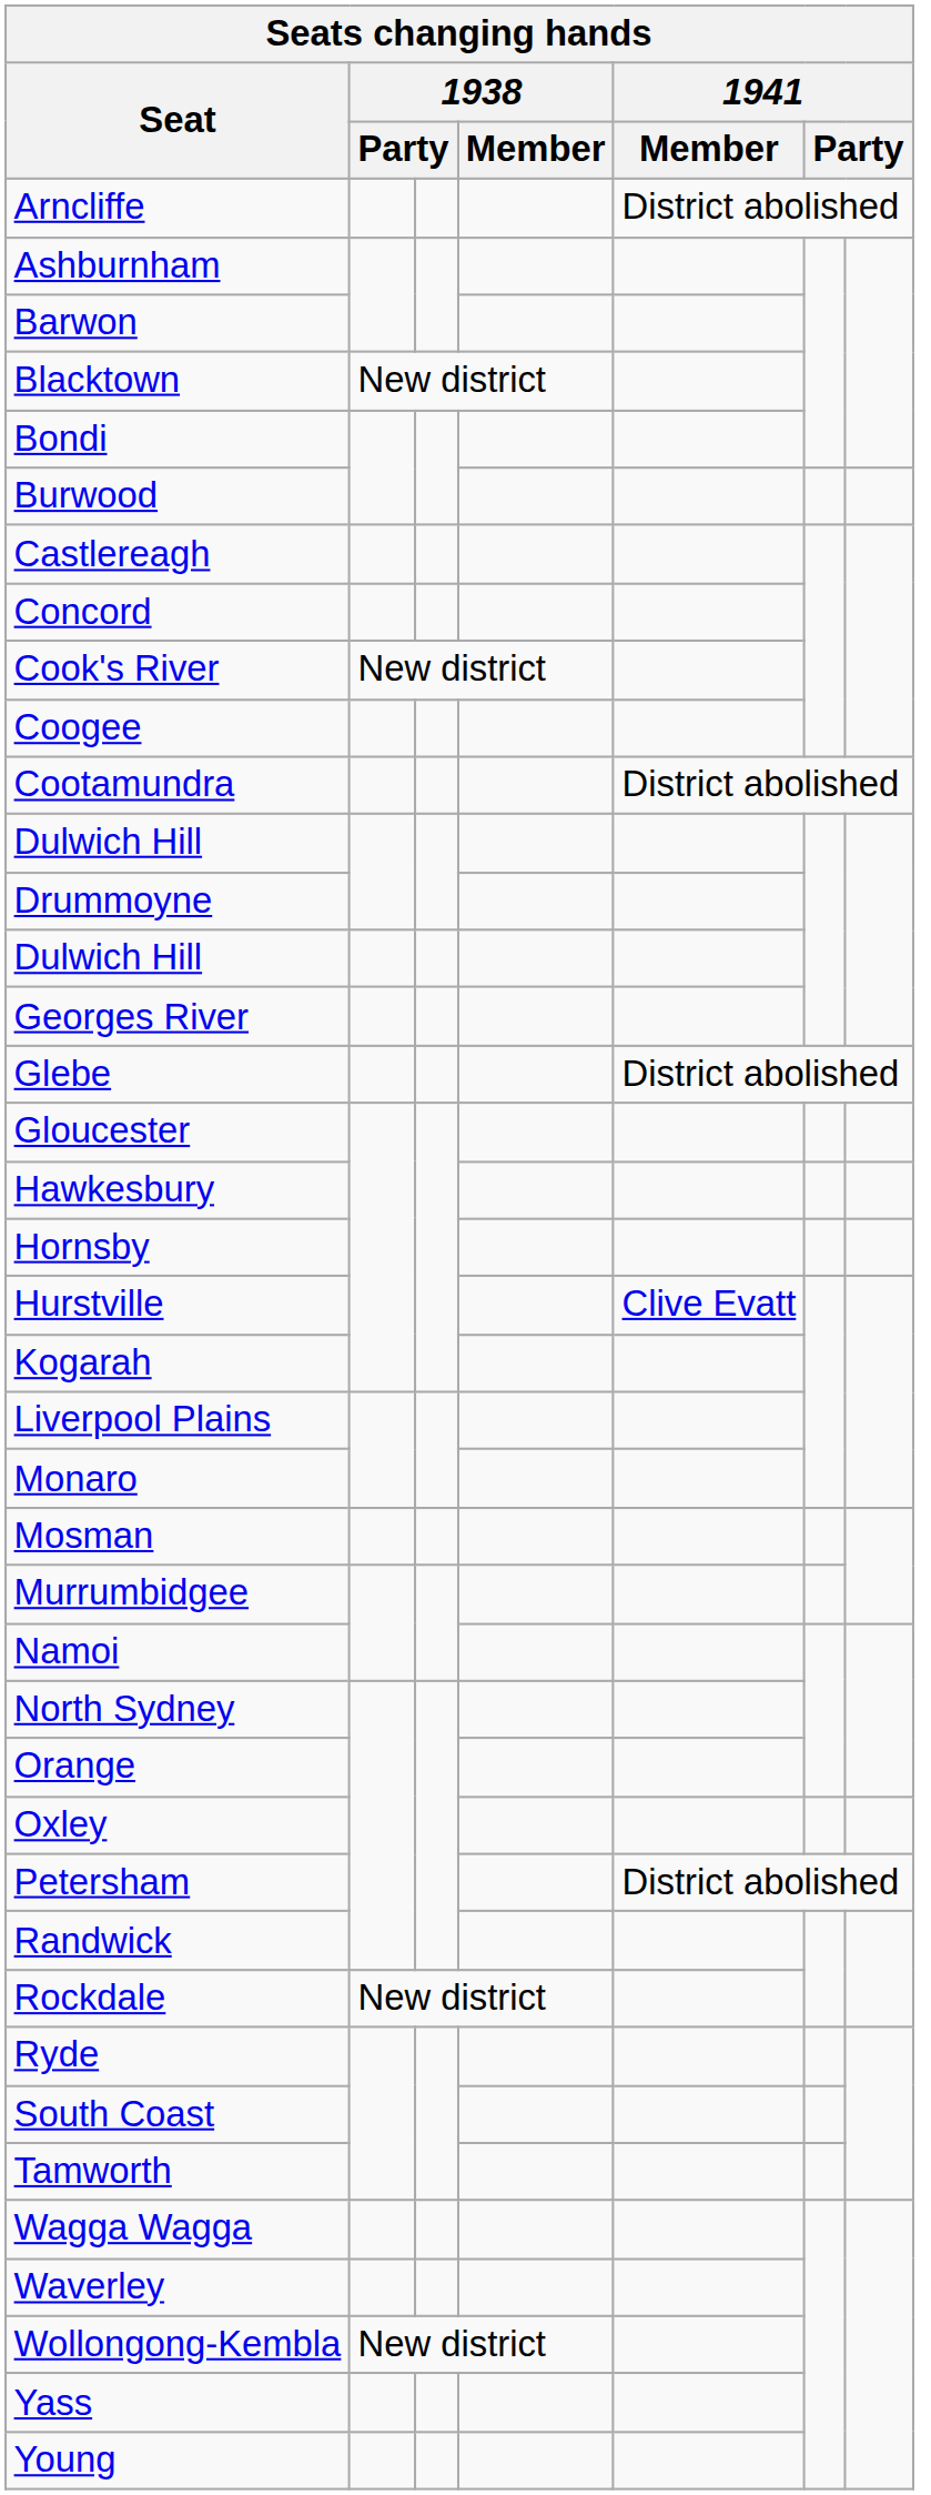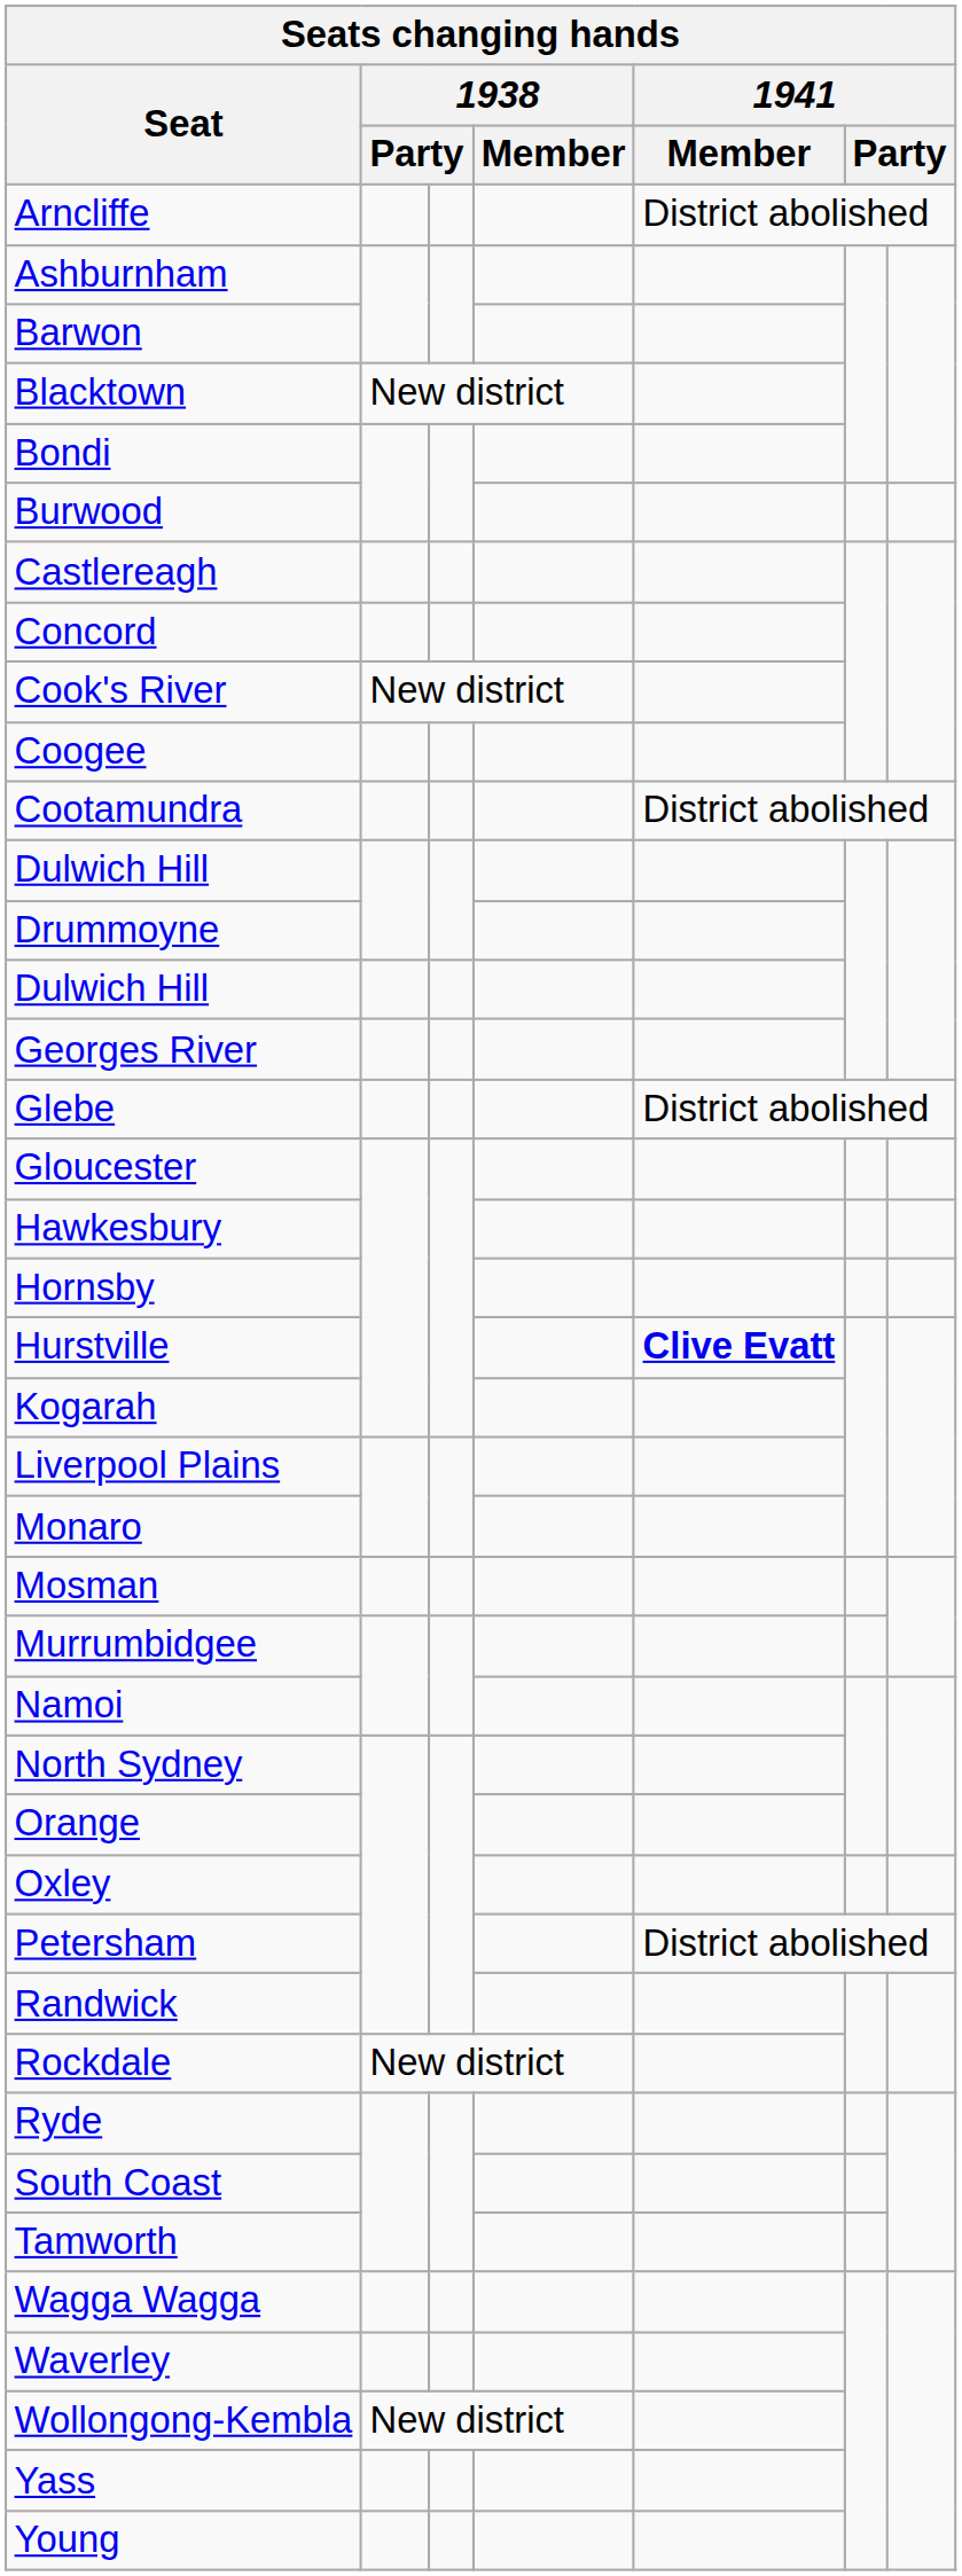 <table class="wikitable sortable">
 <tr>
 <th colspan="7">Seats changing hands</th>
 </tr>
 <tr>
 <th rowspan="2">Seat</th>
 <th colspan="3"><em>1938</em></th>
 <th colspan="3"><em>1941</em></th>
 </tr>
 <tr>
 <th colspan="2">Party</th>
 <th>Member</th>
 <th>Member</th>
 <th colspan="2">Party</th>
 </tr>
 <tr>
 <td><a href='#'>Arncliffe</a></td>
 <td> </td>
 <td></td>
 <td></td>
 <td colspan="3">District abolished</td>
 </tr>
 <tr>
 <td><a href='#'>Ashburnham</a></td>
 <td rowspan="2" > </td>
 <td rowspan="2"></td>
 <td></td>
 <td></td>
 <td rowspan="4"></td>
 <td rowspan="4" > </td>
 </tr>
 <tr>
 <td><a href='#'>Barwon</a></td>
 <td></td>
 <td></td>
 </tr>
 <tr>
 <td><a href='#'>Blacktown</a></td>
 <td colspan="3">New district</td>
 <td></td>
 </tr>
 <tr>
 <td><a href='#'>Bondi</a></td>
 <td rowspan="2" > </td>
 <td rowspan="2"></td>
 <td></td>
 <td></td>
 </tr>
 <tr>
 <td><a href='#'>Burwood</a></td>
 <td></td>
 <td></td>
 <td></td>
 <td> </td>
 </tr>
 <tr>
 <td><a href='#'>Castlereagh</a></td>
 <td> </td>
 <td></td>
 <td></td>
 <td></td>
 <td rowspan="4"></td>
 <td rowspan="4" > </td>
 </tr>
 <tr>
 <td><a href='#'>Concord</a></td>
 <td> </td>
 <td></td>
 <td></td>
 <td></td>
 </tr>
 <tr>
 <td><a href='#'>Cook's River</a></td>
 <td colspan="3">New district</td>
 <td></td>
 </tr>
 <tr>
 <td><a href='#'>Coogee</a></td>
 <td> </td>
 <td></td>
 <td></td>
 <td></td>
 </tr>
 <tr>
 <td><a href='#'>Cootamundra</a></td>
 <td> </td>
 <td></td>
 <td></td>
 <td colspan="3">District abolished</td>
 </tr>
 <tr>
 <td><a href='#'>Dulwich Hill</a></td>
 <td rowspan="2" > </td>
 <td rowspan="2"></td>
 <td></td>
 <td></td>
 <td rowspan="4"></td>
 <td rowspan="4" > </td>
 </tr>
 <tr>
 <td><a href='#'>Drummoyne</a></td>
 <td></td>
 <td></td>
 </tr>
 <tr>
 <td><a href='#'>Dulwich Hill</a></td>
 <td> </td>
 <td></td>
 <td></td>
 <td></td>
 </tr>
 <tr>
 <td><a href='#'>Georges River</a></td>
 <td> </td>
 <td></td>
 <td></td>
 <td></td>
 </tr>
 <tr>
 <td><a href='#'>Glebe</a></td>
 <td> </td>
 <td></td>
 <td></td>
 <td colspan="3">District abolished</td>
 </tr>
 <tr>
 <td><a href='#'>Gloucester</a></td>
 <td rowspan="5" > </td>
 <td rowspan="5"></td>
 <td></td>
 <td></td>
 <td></td>
 <td> </td>
 </tr>
 <tr>
 <td><a href='#'>Hawkesbury</a></td>
 <td></td>
 <td></td>
 <td></td>
 <td> </td>
 </tr>
 <tr>
 <td><a href='#'>Hornsby</a></td>
 <td></td>
 <td></td>
 <td></td>
 <td> </td>
 </tr>
 <tr>
 <td><a href='#'>Hurstville</a></td>
 <td></td>
-<td><a href='#'>Clive Evatt</a></td>
+<td><strong><a href='#'>Clive Evatt</a></strong></td>
 <td rowspan="4"></td>
 <td rowspan="4" > </td>
 </tr>
 <tr>
 <td><a href='#'>Kogarah</a></td>
 <td></td>
 <td></td>
 </tr>
 <tr>
 <td><a href='#'>Liverpool Plains</a></td>
 <td rowspan="2" > </td>
 <td rowspan="2"></td>
 <td></td>
 <td></td>
 </tr>
 <tr>
 <td><a href='#'>Monaro</a></td>
 <td></td>
 <td></td>
 </tr>
 <tr>
 <td><a href='#'>Mosman</a></td>
 <td> </td>
 <td></td>
 <td></td>
 <td></td>
 <td></td>
 <td rowspan="2" > </td>
 </tr>
 <tr>
 <td><a href='#'>Murrumbidgee</a></td>
 <td rowspan="2" > </td>
 <td rowspan="2"></td>
 <td></td>
 <td></td>
 <td></td>
 </tr>
 <tr>
 <td><a href='#'>Namoi</a></td>
 <td></td>
 <td></td>
 <td rowspan="3"></td>
 <td rowspan="3" > </td>
 </tr>
 <tr>
 <td><a href='#'>North Sydney</a></td>
 <td rowspan="5" > </td>
 <td rowspan="5"></td>
 <td></td>
 <td></td>
 </tr>
 <tr>
 <td><a href='#'>Orange</a></td>
 <td></td>
 <td></td>
 </tr>
 <tr>
 <td><a href='#'>Oxley</a></td>
 <td></td>
 <td></td>
 <td></td>
 <td> </td>
 </tr>
 <tr>
 <td><a href='#'>Petersham</a></td>
 <td></td>
 <td colspan="3">District abolished</td>
 </tr>
 <tr>
 <td><a href='#'>Randwick</a></td>
 <td></td>
 <td></td>
 <td rowspan="2"></td>
 <td rowspan="2" > </td>
 </tr>
 <tr>
 <td><a href='#'>Rockdale</a></td>
 <td colspan="3">New district</td>
 <td></td>
 </tr>
 <tr>
 <td><a href='#'>Ryde</a></td>
 <td rowspan="3" > </td>
 <td rowspan="3"></td>
 <td></td>
 <td></td>
 <td></td>
 <td rowspan="3" > </td>
 </tr>
 <tr>
 <td><a href='#'>South Coast</a></td>
 <td></td>
 <td></td>
 <td></td>
 </tr>
 <tr>
 <td><a href='#'>Tamworth</a></td>
 <td></td>
 <td></td>
 <td></td>
 </tr>
 <tr>
 <td><a href='#'>Wagga Wagga</a></td>
 <td> </td>
 <td></td>
 <td></td>
 <td></td>
 <td rowspan="5"></td>
 <td rowspan="5" > </td>
 </tr>
 <tr>
 <td><a href='#'>Waverley</a></td>
 <td> </td>
 <td></td>
 <td></td>
 <td></td>
 </tr>
 <tr>
 <td><a href='#'>Wollongong-Kembla</a></td>
 <td colspan="3">New district</td>
 <td></td>
 </tr>
 <tr>
 <td><a href='#'>Yass</a></td>
 <td> </td>
 <td></td>
 <td></td>
 <td></td>
 </tr>
 <tr>
 <td><a href='#'>Young</a></td>
 <td> </td>
 <td></td>
 <td></td>
 <td></td>
 </tr>
 </table>
